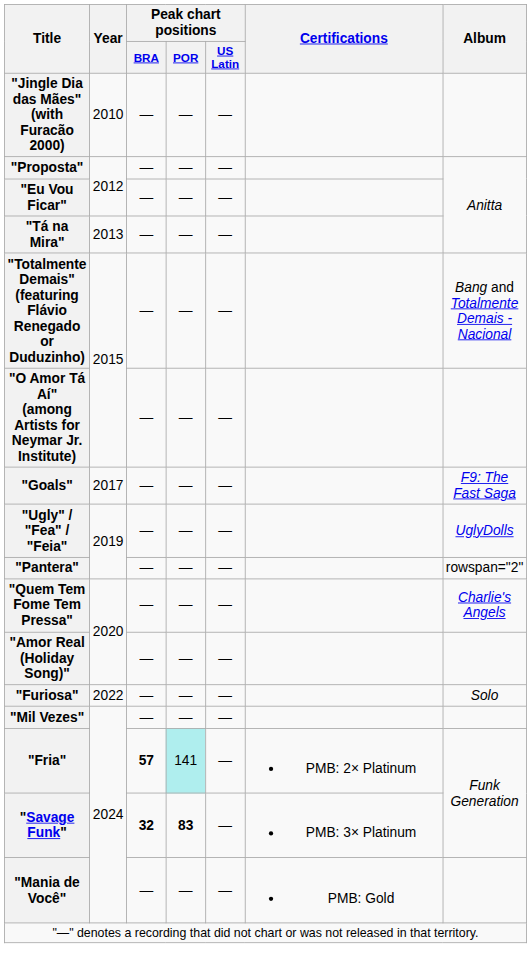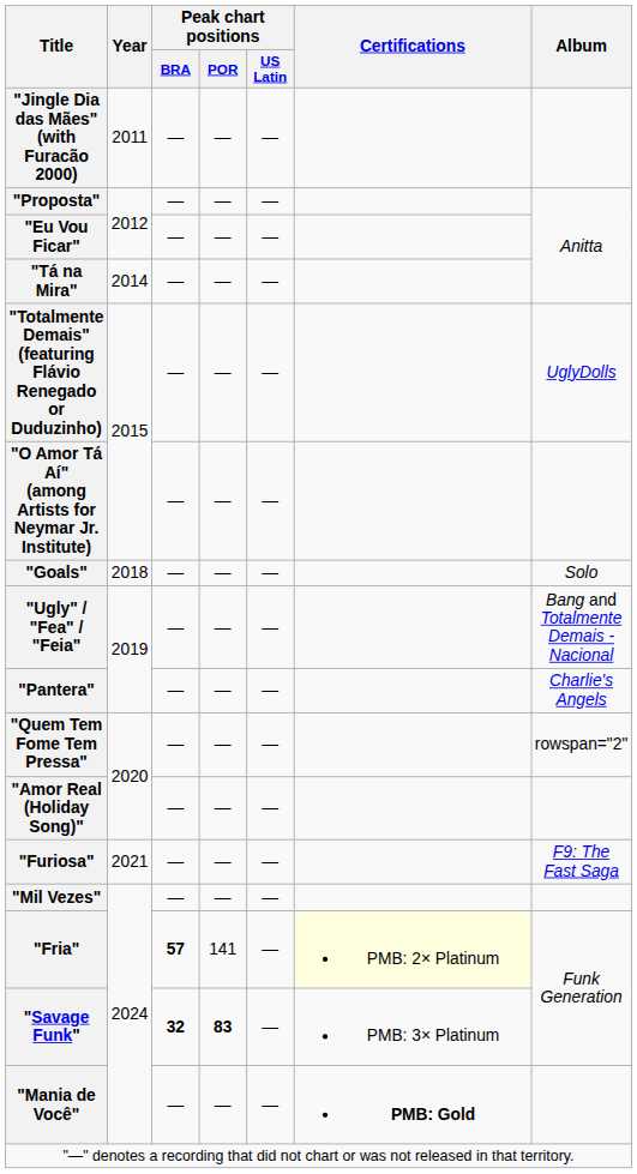 <table class="wikitable plainrowheaders" style="text-align:center;">
 <tr>
 <th scope="col" rowspan="2">Title</th>
 <th scope="col" rowspan="2">Year</th>
 <th scope="col" colspan="3">Peak chart positions</th>
 <th scope="col" rowspan="2" style="width:15em;"><a href='#'>Certifications</a></th>
 <th scope="col" rowspan="2">Album</th>
 </tr>
 <tr>
 <th scope="col" style="width:3em;font-size:85%;"><a href='#'>BRA</a><br></th>
 <th scope="col" style="width:3em;font-size:85%;"><a href='#'>POR</a><br></th>
 <th scope="col" style="width:3em;font-size:85%;"><a href='#'>US<br>Latin</a><br></th>
 </tr>
 <tr>
 <th scope="row">"Jingle Dia das Mães"<br><span>(with Furacão 2000)</span></th>
-<td>2010</td>
+<td>2011</td>
 <td>—</td>
 <td>—</td>
 <td>—</td>
 <td></td>
 <td></td>
 </tr>
 <tr>
 <th scope="row">"Proposta"</th>
 <td rowspan="2">2012</td>
 <td>—</td>
 <td>—</td>
 <td>—</td>
 <td></td>
 <td rowspan="3"><em>Anitta</em></td>
 </tr>
 <tr>
 <th scope="row">"Eu Vou Ficar"</th>
 <td>—</td>
 <td>—</td>
 <td>—</td>
 <td></td>
 </tr>
 <tr>
 <th scope="row">"Tá na Mira"</th>
-<td>2013</td>
+<td>2014</td>
 <td>—</td>
 <td>—</td>
 <td>—</td>
 <td></td>
 </tr>
 <tr>
 <th scope="row">"Totalmente Demais"<br><span>(featuring Flávio Renegado or Duduzinho)</span></th>
 <td rowspan="2">2015</td>
 <td>—</td>
 <td>—</td>
 <td>—</td>
 <td></td>
-<td><em>Bang</em> and <em><a href='#'>Totalmente Demais - Nacional</a></em></td>
+<td><em><a href='#'>UglyDolls</a></em></td>
 </tr>
 <tr>
 <th scope="row">"O Amor Tá Aí"<br><span>(among Artists for Neymar Jr. Institute)</span></th>
 <td>—</td>
 <td>—</td>
 <td>—</td>
 <td></td>
 <td></td>
 </tr>
 <tr>
 <th scope="row">"Goals"</th>
-<td>2017</td>
+<td>2018</td>
 <td>—</td>
 <td>—</td>
 <td>—</td>
 <td></td>
-<td><em><a href='#'>F9: The Fast Saga</a></em></td>
+<td><em>Solo</em></td>
 </tr>
 <tr>
 <th scope="row">"Ugly" / "Fea" / "Feia"</th>
 <td rowspan=2>2019</td>
 <td>—</td>
 <td>—</td>
 <td>—</td>
 <td></td>
-<td><em><a href='#'>UglyDolls</a></em></td>
+<td><em>Bang</em> and <em><a href='#'>Totalmente Demais - Nacional</a></em></td>
 </tr>
 <tr>
 <th scope="row">"Pantera"</th>
 <td>—</td>
 <td>—</td>
 <td>—</td>
 <td></td>
-<td>rowspan="2" </td>
+<td><em><a href='#'>Charlie's Angels</a></em></td>
 </tr>
 <tr>
 <th scope="row">"Quem Tem Fome Tem Pressa"<br></th>
 <td rowspan=2>2020</td>
 <td>—</td>
 <td>—</td>
 <td>—</td>
 <td></td>
-<td><em><a href='#'>Charlie's Angels</a></em></td>
+<td>rowspan="2" </td>
 </tr>
 <tr>
 <th scope="row">"Amor Real (Holiday Song)"</th>
 <td>—</td>
 <td>—</td>
 <td>—</td>
 <td></td>
 </tr>
 <tr>
 <th scope="row">"Furiosa"</th>
-<td>2022</td>
+<td>2021</td>
 <td>—</td>
 <td>—</td>
 <td>—</td>
 <td></td>
-<td><em>Solo</em></td>
+<td><em><a href='#'>F9: The Fast Saga</a></em></td>
 </tr>
 <tr>
 <th scope="row">"Mil Vezes" <br></th>
 <td rowspan="4">2024</td>
 <td>—</td>
 <td>—</td>
 <td>—</td>
 <td></td>
 <td></td>
 </tr>
 <tr>
 <th scope="row">"Fria"<br></th>
 <td><strong>57</strong></td>
-<td style="background: paleturquoise;">141</td>
+<td>141</td>
 <td>—</td>
-<td><br><ul><li>PMB: 2× Platinum</li></ul></td>
+<td style="background: lightyellow;"><br><ul><li>PMB: 2× Platinum</li></ul></td>
 <td rowspan="2"><em>Funk Generation</em></td>
 </tr>
 <tr>
 <th scope="row">"<a href='#'>Savage Funk</a>"<br></th>
 <td><strong>32</strong></td>
 <td><strong>83</strong></td>
 <td>—</td>
 <td><br><ul><li>PMB: 3× Platinum</li></ul></td>
 </tr>
 <tr>
 <th scope="row">"Mania de Você"</th>
 <td>—</td>
 <td>—</td>
 <td>—</td>
-<td><br><ul><li>PMB: Gold</li></ul></td>
+<td><strong><br><ul><li>PMB: Gold</li></ul></strong></td>
 <td></td>
 </tr>
 <tr>
 <td colspan="15" style="font-size:90%">"—" denotes a recording that did not chart or was not released in that territory.</td>
 </tr>
 </table>
